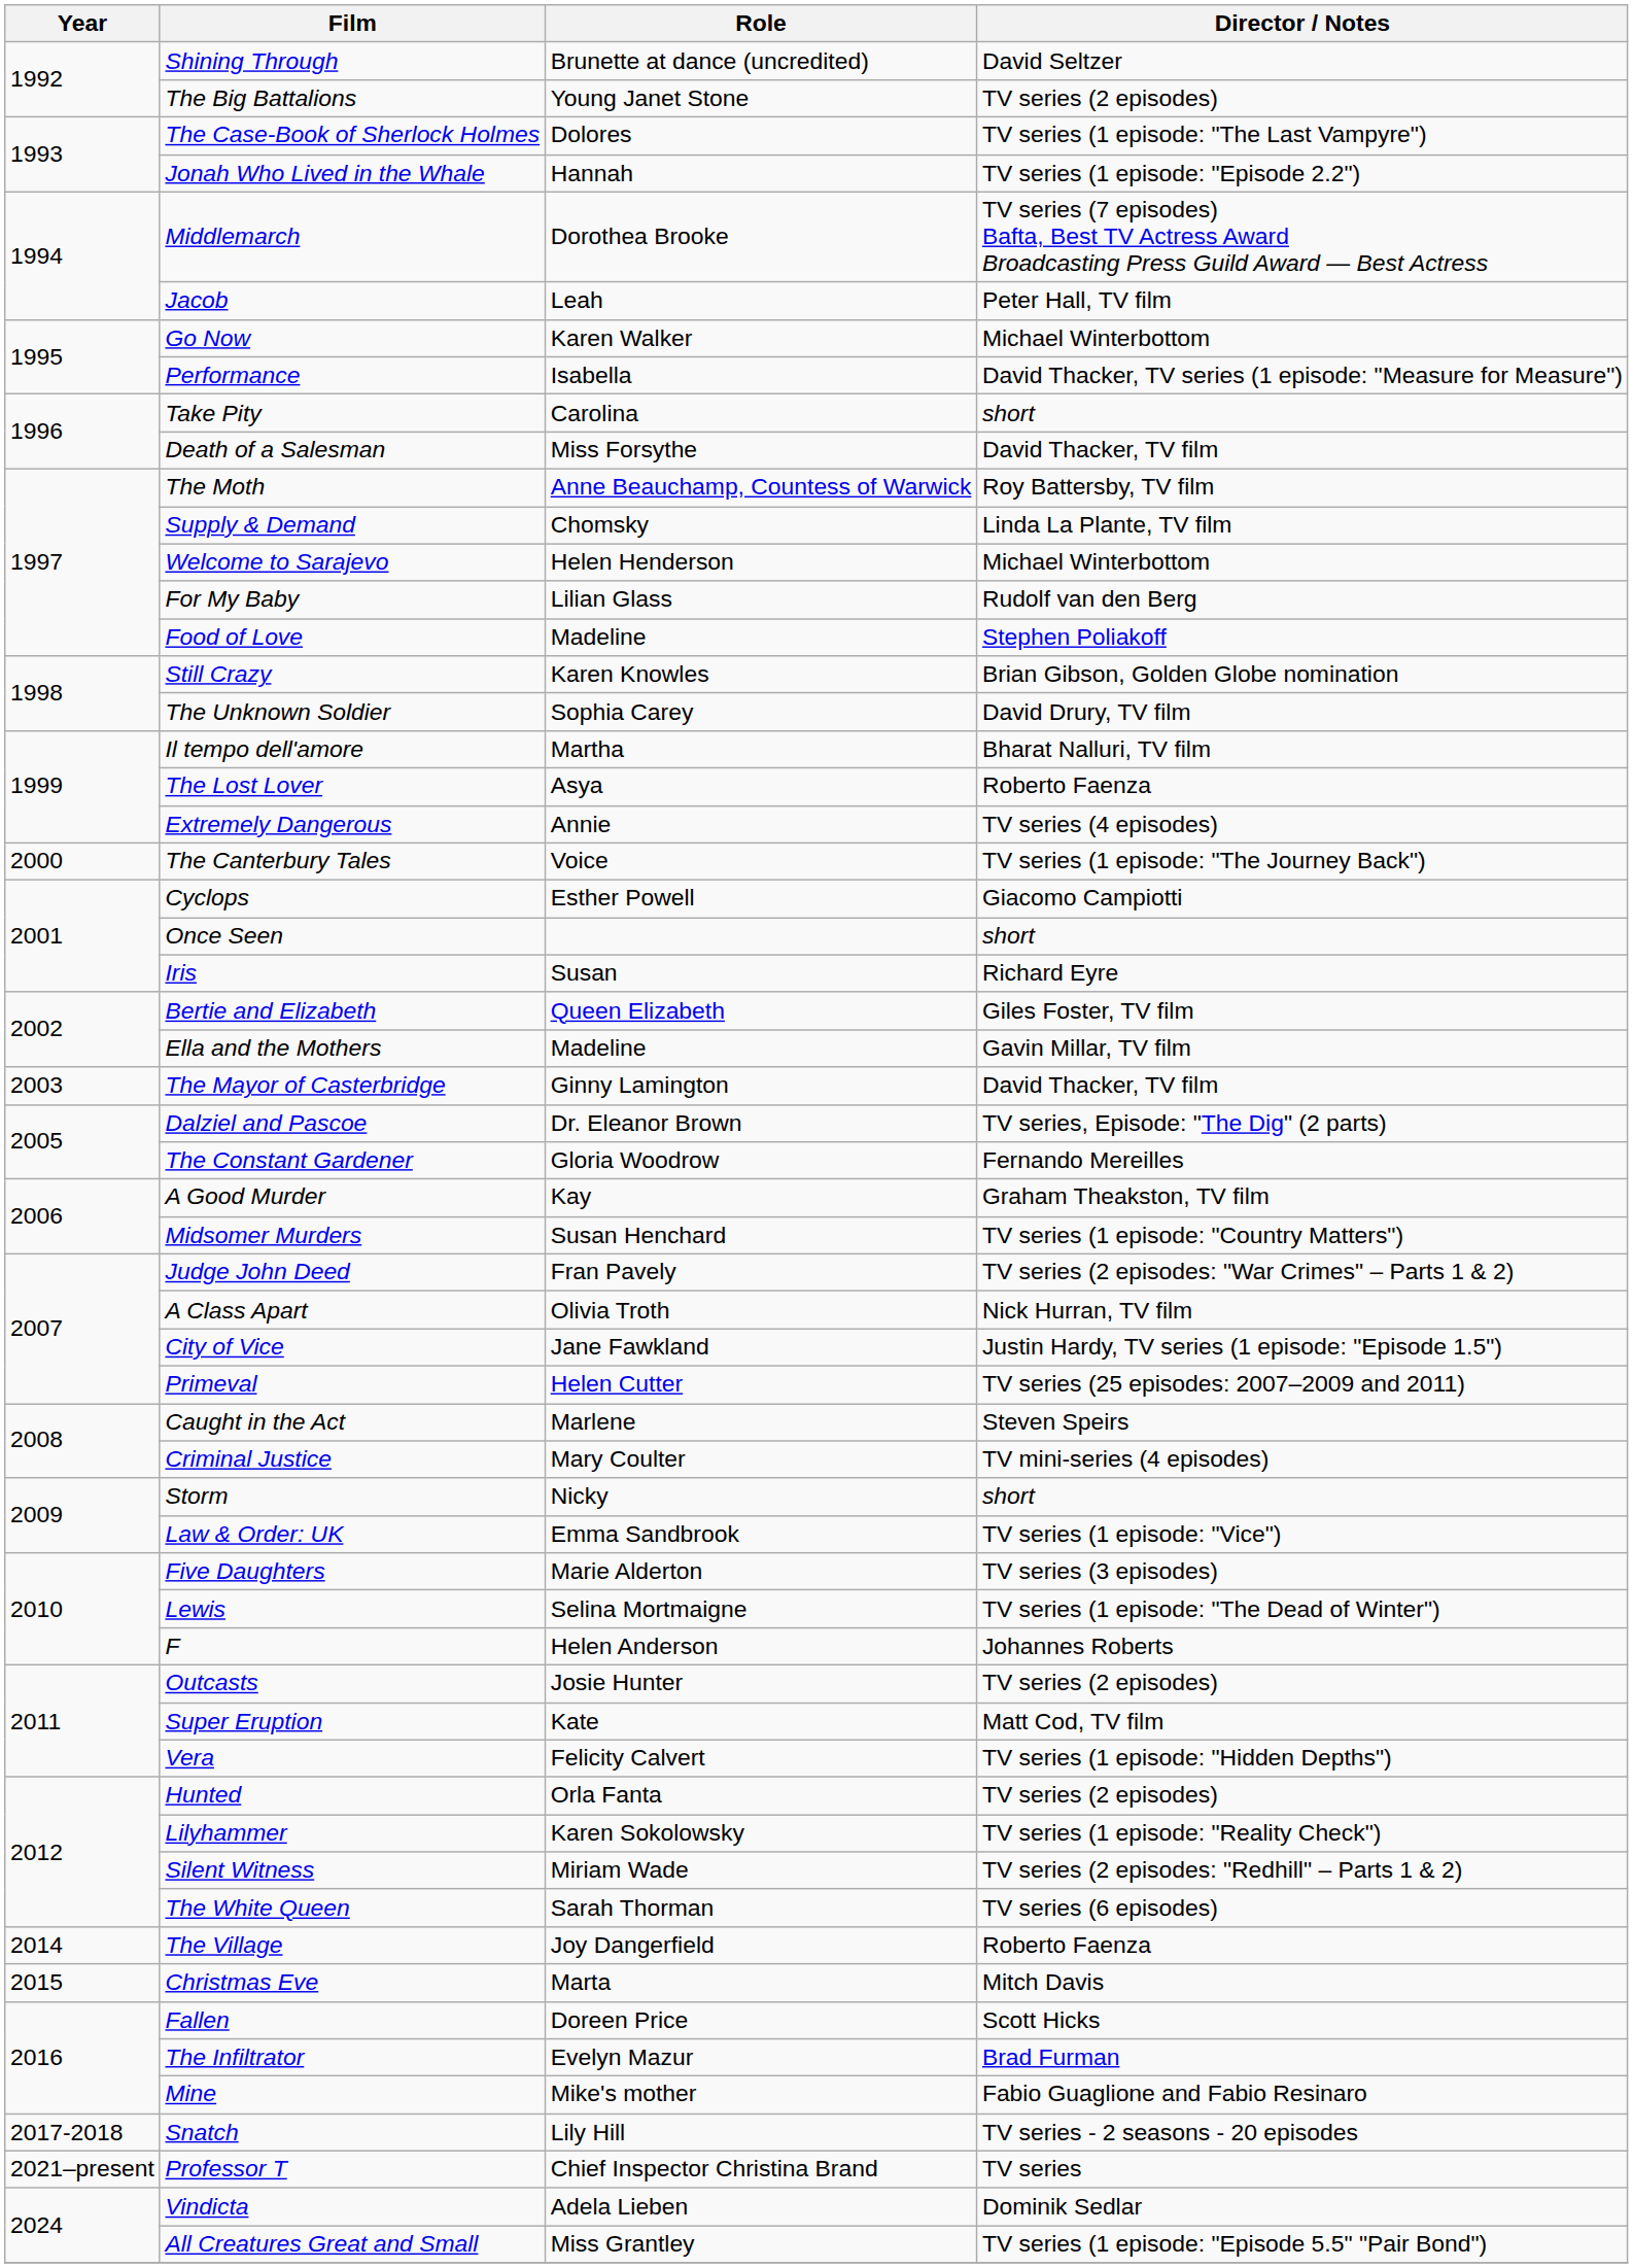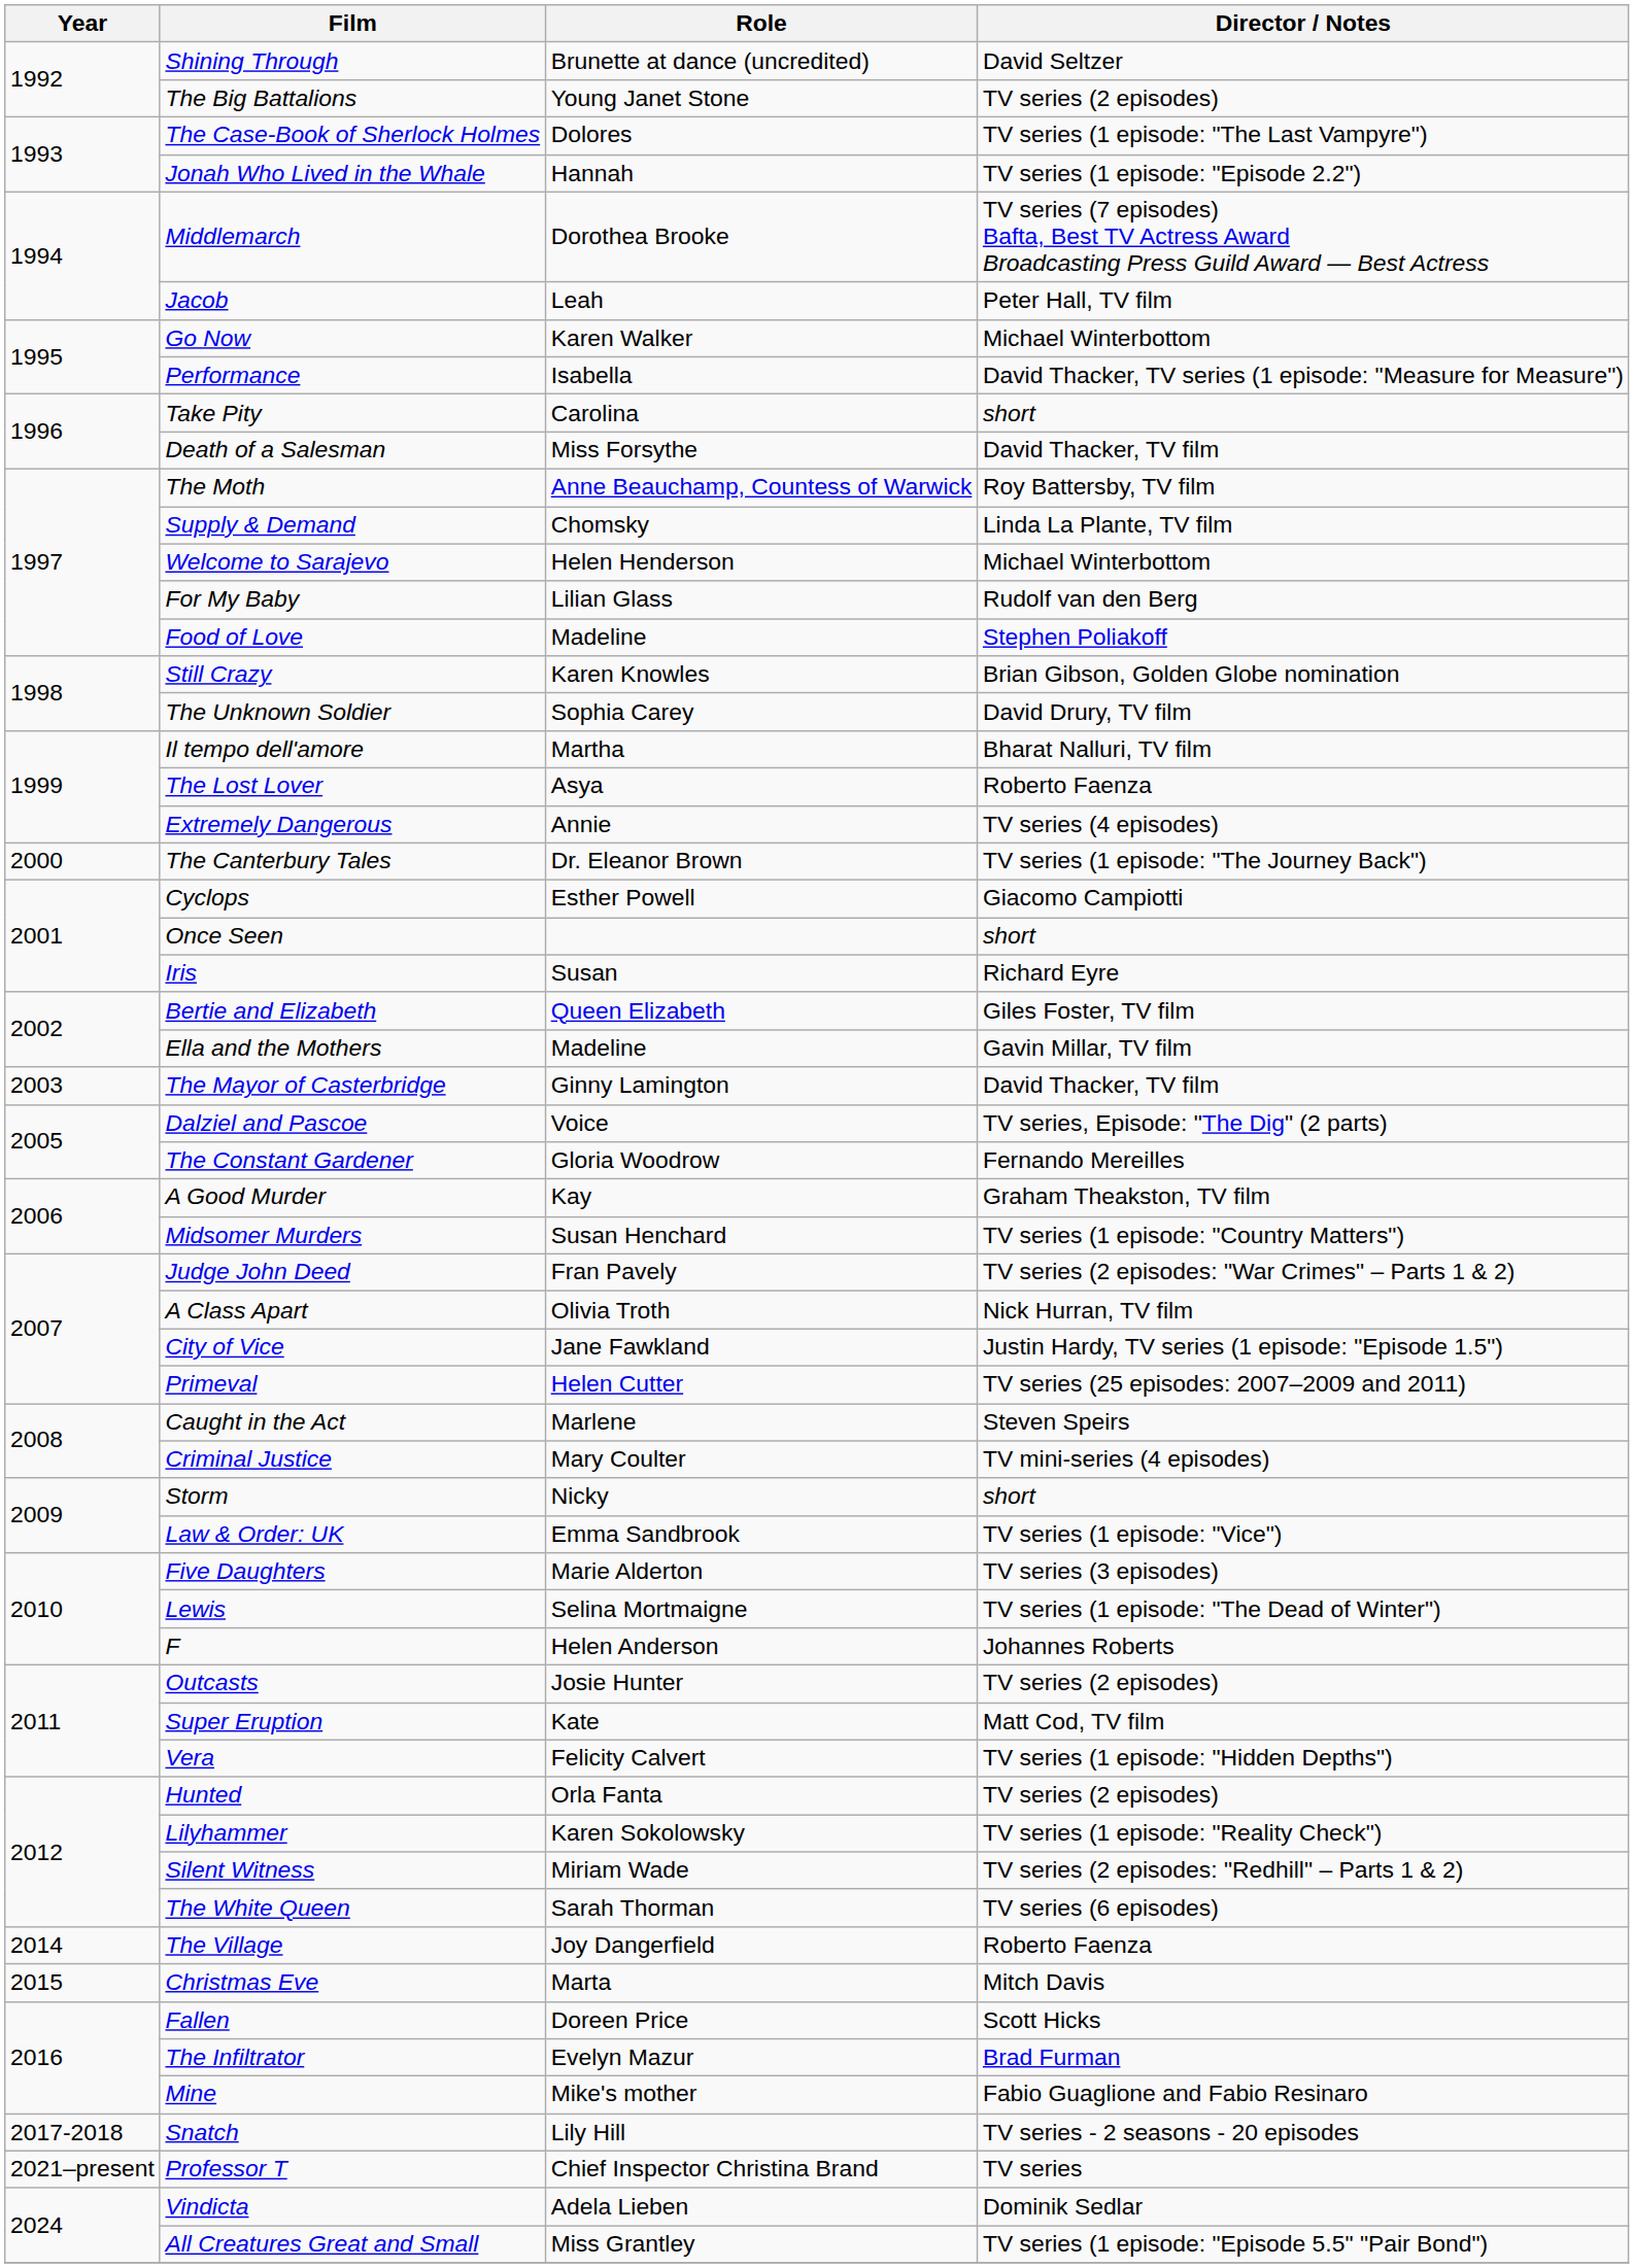 <table class="wikitable">
 <tr>
 <th>Year</th>
 <th>Film</th>
 <th>Role</th>
 <th>Director / Notes</th>
 </tr>
 <tr>
 <td rowspan="2">1992</td>
 <td><em><a href='#'>Shining Through</a></em></td>
 <td>Brunette at dance (uncredited)</td>
 <td>David Seltzer</td>
 </tr>
 <tr>
 <td><em>The Big Battalions</em></td>
 <td>Young Janet Stone</td>
 <td>TV series (2 episodes)</td>
 </tr>
 <tr>
 <td rowspan="2">1993</td>
 <td><em><a href='#'>The Case-Book of Sherlock Holmes</a></em></td>
 <td>Dolores</td>
 <td>TV series (1 episode: "The Last Vampyre")</td>
 </tr>
 <tr>
 <td><em><a href='#'>Jonah Who Lived in the Whale</a></em></td>
 <td>Hannah</td>
 <td>TV series (1 episode: "Episode 2.2")</td>
 </tr>
 <tr>
 <td rowspan="2">1994</td>
 <td><em><a href='#'>Middlemarch</a></em></td>
 <td>Dorothea Brooke</td>
 <td>TV series (7 episodes)<br><a href='#'>Bafta, Best TV Actress Award</a><br> <em>Broadcasting Press Guild Award — Best Actress</em></td>
 </tr>
 <tr>
 <td><em><a href='#'>Jacob</a></em></td>
 <td>Leah</td>
 <td>Peter Hall, TV film</td>
 </tr>
 <tr>
 <td rowspan="2">1995</td>
 <td><em><a href='#'>Go Now</a></em></td>
 <td>Karen Walker</td>
 <td>Michael Winterbottom</td>
 </tr>
 <tr>
 <td><em><a href='#'>Performance</a></em></td>
 <td>Isabella</td>
 <td>David Thacker, TV series (1 episode: "Measure for Measure")</td>
 </tr>
 <tr>
 <td rowspan="2">1996</td>
 <td><em>Take Pity</em></td>
 <td>Carolina</td>
 <td><em>short</em></td>
 </tr>
 <tr>
 <td><em>Death of a Salesman</em></td>
 <td>Miss Forsythe</td>
 <td>David Thacker, TV film</td>
 </tr>
 <tr>
 <td rowspan="5">1997</td>
 <td><em>The Moth</em></td>
 <td><a href='#'>Anne Beauchamp, Countess of Warwick</a></td>
 <td>Roy Battersby, TV film</td>
 </tr>
 <tr>
 <td><em><a href='#'>Supply & Demand</a></em></td>
 <td>Chomsky</td>
 <td>Linda La Plante, TV film</td>
 </tr>
 <tr>
 <td><em><a href='#'>Welcome to Sarajevo</a></em></td>
 <td>Helen Henderson</td>
 <td>Michael Winterbottom</td>
 </tr>
 <tr>
 <td><em>For My Baby</em></td>
 <td>Lilian Glass</td>
 <td>Rudolf van den Berg</td>
 </tr>
 <tr>
 <td><em><a href='#'>Food of Love</a></em></td>
 <td>Madeline</td>
 <td><a href='#'>Stephen Poliakoff</a></td>
 </tr>
 <tr>
 <td rowspan="2">1998</td>
 <td><em><a href='#'>Still Crazy</a></em></td>
 <td>Karen Knowles</td>
 <td>Brian Gibson, Golden Globe nomination</td>
 </tr>
 <tr>
 <td><em>The Unknown Soldier</em></td>
 <td>Sophia Carey</td>
 <td>David Drury, TV film</td>
 </tr>
 <tr>
 <td rowspan="3">1999</td>
 <td><em>Il tempo dell'amore</em></td>
 <td>Martha</td>
 <td>Bharat Nalluri, TV film</td>
 </tr>
 <tr>
 <td><em><a href='#'>The Lost Lover</a></em></td>
 <td>Asya</td>
 <td>Roberto Faenza</td>
 </tr>
 <tr>
 <td><em><a href='#'>Extremely Dangerous</a></em></td>
 <td>Annie</td>
 <td>TV series (4 episodes)</td>
 </tr>
 <tr>
 <td rowspan="1">2000</td>
 <td><em>The Canterbury Tales</em></td>
-<td>Voice</td>
+<td>Dr. Eleanor Brown</td>
 <td>TV series (1 episode: "The Journey Back")</td>
 </tr>
 <tr>
 <td rowspan="3">2001</td>
 <td><em>Cyclops</em></td>
 <td>Esther Powell</td>
 <td>Giacomo Campiotti</td>
 </tr>
 <tr>
 <td><em>Once Seen</em></td>
 <td></td>
 <td><em>short</em></td>
 </tr>
 <tr>
 <td><em><a href='#'>Iris</a></em></td>
 <td>Susan</td>
 <td>Richard Eyre</td>
 </tr>
 <tr>
 <td rowspan="2">2002</td>
 <td><em><a href='#'>Bertie and Elizabeth</a></em></td>
 <td><a href='#'>Queen Elizabeth</a></td>
 <td>Giles Foster, TV film</td>
 </tr>
 <tr>
 <td><em>Ella and the Mothers</em></td>
 <td>Madeline</td>
 <td>Gavin Millar, TV film</td>
 </tr>
 <tr>
 <td rowspan="1">2003</td>
 <td><em><a href='#'>The Mayor of Casterbridge</a></em></td>
 <td>Ginny Lamington</td>
 <td>David Thacker, TV film</td>
 </tr>
 <tr>
 <td rowspan="2">2005</td>
 <td><em><a href='#'>Dalziel and Pascoe</a></em></td>
-<td>Dr. Eleanor Brown</td>
+<td>Voice</td>
 <td>TV series, Episode: "<a href='#'>The Dig</a>" (2 parts)</td>
 </tr>
 <tr>
 <td><em><a href='#'>The Constant Gardener</a></em></td>
 <td>Gloria Woodrow</td>
 <td>Fernando Mereilles</td>
 </tr>
 <tr>
 <td rowspan="2">2006</td>
 <td><em>A Good Murder</em></td>
 <td>Kay</td>
 <td>Graham Theakston, TV film</td>
 </tr>
 <tr>
 <td><em><a href='#'>Midsomer Murders</a></em></td>
 <td>Susan Henchard</td>
 <td>TV series (1 episode: "Country Matters")</td>
 </tr>
 <tr>
 <td rowspan="4">2007</td>
 <td><em><a href='#'>Judge John Deed</a></em></td>
 <td>Fran Pavely</td>
 <td>TV series (2 episodes: "War Crimes" – Parts 1 & 2)</td>
 </tr>
 <tr>
 <td><em>A Class Apart</em></td>
 <td>Olivia Troth</td>
 <td>Nick Hurran, TV film</td>
 </tr>
 <tr>
 <td><em><a href='#'>City of Vice</a></em></td>
 <td>Jane Fawkland</td>
 <td>Justin Hardy, TV series (1 episode: "Episode 1.5")</td>
 </tr>
 <tr>
 <td><em><a href='#'>Primeval</a></em></td>
 <td><a href='#'>Helen Cutter</a></td>
 <td>TV series (25 episodes: 2007–2009 and 2011)</td>
 </tr>
 <tr>
 <td rowspan="2">2008</td>
 <td><em>Caught in the Act</em></td>
 <td>Marlene</td>
 <td>Steven Speirs</td>
 </tr>
 <tr>
 <td><em><a href='#'>Criminal Justice</a></em></td>
 <td>Mary Coulter</td>
 <td>TV mini-series (4 episodes)</td>
 </tr>
 <tr>
 <td rowspan="2">2009</td>
 <td><em>Storm</em></td>
 <td>Nicky</td>
 <td><em>short</em></td>
 </tr>
 <tr>
 <td><em><a href='#'>Law & Order: UK</a></em></td>
 <td>Emma Sandbrook</td>
 <td>TV series (1 episode: "Vice")</td>
 </tr>
 <tr>
 <td rowspan="3">2010</td>
 <td><em><a href='#'>Five Daughters</a></em></td>
 <td>Marie Alderton</td>
 <td>TV series (3 episodes)</td>
 </tr>
 <tr>
 <td><em><a href='#'>Lewis</a></em></td>
 <td>Selina Mortmaigne</td>
 <td>TV series (1 episode: "The Dead of Winter")</td>
 </tr>
 <tr>
 <td><em>F</em></td>
 <td>Helen Anderson</td>
 <td>Johannes Roberts</td>
 </tr>
 <tr>
 <td rowspan="3">2011</td>
 <td><a href='#'><em>Outcasts</em></a></td>
 <td>Josie Hunter</td>
 <td>TV series (2 episodes)</td>
 </tr>
 <tr>
 <td><em><a href='#'>Super Eruption</a></em></td>
 <td>Kate</td>
 <td>Matt Cod, TV film</td>
 </tr>
 <tr>
 <td><a href='#'><em>Vera</em></a></td>
 <td>Felicity Calvert</td>
 <td>TV series (1 episode: "Hidden Depths")</td>
 </tr>
 <tr>
 <td rowspan="4">2012</td>
 <td><a href='#'><em>Hunted</em></a></td>
 <td>Orla Fanta</td>
 <td>TV series (2 episodes)</td>
 </tr>
 <tr>
 <td><em><a href='#'>Lilyhammer</a></em></td>
 <td>Karen Sokolowsky</td>
 <td>TV series (1 episode: "Reality Check")</td>
 </tr>
 <tr>
 <td><em><a href='#'>Silent Witness</a></em></td>
 <td>Miriam Wade</td>
 <td>TV series (2 episodes: "Redhill" – Parts 1 & 2)</td>
 </tr>
 <tr>
 <td><a href='#'><em>The White Queen</em></a></td>
 <td>Sarah Thorman</td>
 <td>TV series (6 episodes)</td>
 </tr>
 <tr>
 <td>2014</td>
 <td><em><a href='#'>The Village</a></em></td>
 <td>Joy Dangerfield</td>
 <td>Roberto Faenza</td>
 </tr>
 <tr>
 <td>2015</td>
 <td><em><a href='#'>Christmas Eve</a></em></td>
 <td>Marta</td>
 <td>Mitch Davis</td>
 </tr>
 <tr>
 <td rowspan="3">2016</td>
 <td><em><a href='#'>Fallen</a></em></td>
 <td>Doreen Price</td>
 <td>Scott Hicks</td>
 </tr>
 <tr>
 <td><em><a href='#'>The Infiltrator</a></em></td>
 <td>Evelyn Mazur</td>
 <td><a href='#'>Brad Furman</a></td>
 </tr>
 <tr>
 <td><em><a href='#'>Mine</a></em></td>
 <td>Mike's mother</td>
 <td>Fabio Guaglione and Fabio Resinaro</td>
 </tr>
 <tr>
 <td>2017-2018</td>
 <td><em><a href='#'>Snatch</a></em></td>
 <td>Lily Hill</td>
 <td>TV series - 2 seasons - 20 episodes</td>
 </tr>
 <tr>
 <td>2021–present</td>
 <td><em><a href='#'>Professor T</a></em></td>
 <td>Chief Inspector Christina Brand</td>
 <td>TV series</td>
 </tr>
 <tr>
 <td rowspan="2">2024</td>
 <td><em><a href='#'>Vindicta</a></em></td>
 <td>Adela Lieben</td>
 <td>Dominik Sedlar</td>
 </tr>
 <tr>
 <td><em><a href='#'>All Creatures Great and Small</a></em></td>
 <td>Miss Grantley</td>
 <td>TV series (1 episode: "Episode 5.5" "Pair Bond")</td>
 </tr>
 <tr>
 </tr>
 </table>
